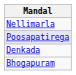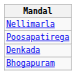 <table class="wikitable sortable static-row-numbers static-row-header-hash">
 <tr>
 <th>Mandal</th>
 </tr>
 <tr>
 <td><a href='#'>Nellimarla</a></td>
 </tr>
 <tr>
-<td style="background: lavender;"><a href='#'>Poosapatirega</a></td>
+<td><a href='#'>Poosapatirega</a></td>
 </tr>
 <tr>
 <td><a href='#'>Denkada</a></td>
 </tr>
 <tr>
 <td><a href='#'>Bhogapuram</a></td>
 </tr>
 </table>
